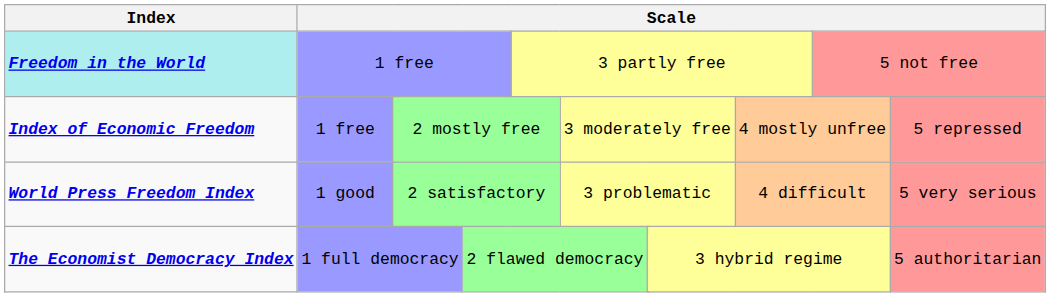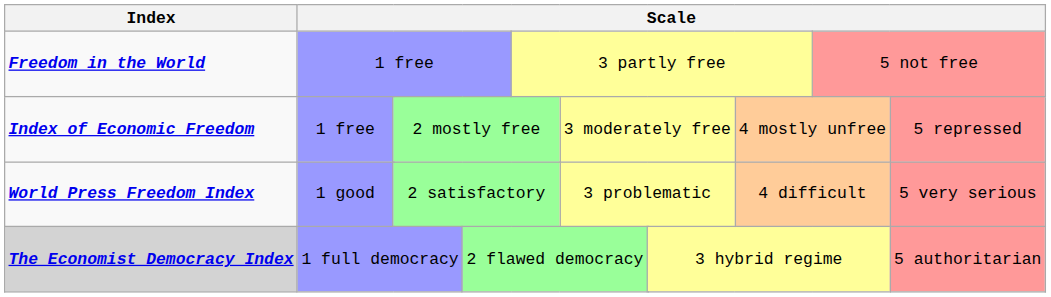 <table class=wikitable style="text-align:center;">
 <tr>
 <th rowspan=1>Index</th>
 <th colspan=15>Scale</th>
 </tr>
 <tr>
-<td style="background: paleturquoise; height:3.5em; text-align:left;"><strong><em><a href='#'>Freedom in the World</a></em></strong></td>
+<td style="height:3.5em; text-align:left;"><strong><em><a href='#'>Freedom in the World</a></em></strong></td>
 <td colspan=5 style="background:#99f;"><span>1</span> free</td>
 <td colspan=5 style="background:#ff9;"><span>3</span> partly free</td>
 <td colspan=5 style="background:#f99;"><span>5</span> not free</td>
 </tr>
 <tr>
 <td style="height:3.5em; text-align:left;"><strong><em><a href='#'>Index of Economic Freedom</a></em></strong></td>
 <td colspan=3 style="background:#99f;"><span>1</span> free</td>
 <td colspan=3 style="background:#9f9;"><span>2</span> mostly free</td>
 <td colspan=3 style="background:#ff9;"><span>3</span> moderately free</td>
 <td colspan=3 style="background:#fc9;"><span>4</span> mostly unfree</td>
 <td colspan=3 style="background:#f99;"><span>5</span> repressed</td>
 </tr>
 <tr>
 <td style="height:3.5em; text-align:left;"><strong><em><a href='#'>World Press Freedom Index</a></em></strong></td>
 <td colspan=3 style="background:#99f;"><span>1</span> good</td>
 <td colspan=3 style="background:#9f9;"><span>2</span> satisfactory</td>
 <td colspan=3 style="background:#ff9;"><span>3</span> problematic</td>
 <td colspan=3 style="background:#fc9;"><span>4</span> difficult</td>
 <td colspan=3 style="background:#f99;"><span>5</span> very serious</td>
 </tr>
 <tr>
-<td style="height:3.5em; text-align:left;"><strong><em><a href='#'>The Economist Democracy Index</a></em></strong></td>
+<td style="background: lightgrey; height:3.5em; text-align:left;"><strong><em><a href='#'>The Economist Democracy Index</a></em></strong></td>
 <td colspan=4.2 style="background:#99f;"><span>1</span> full democracy</td>
 <td colspan=4.2 style="background:#9f9;"><span>2</span> flawed democracy</td>
 <td colspan=4.2 style="background:#ff9;"><span>3</span> hybrid regime</td>
 <td colspan=4.2 style="background:#f99;"><span>5</span> authoritarian</td>
 </tr>
 </table>
